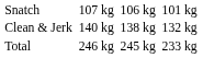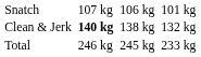 <table>
 <tr>
 <td>Snatch</td>
 <td></td>
 <td>107 kg</td>
 <td></td>
 <td>106 kg</td>
 <td></td>
 <td>101 kg</td>
 </tr>
 <tr>
 <td>Clean & Jerk</td>
 <td></td>
-<td>140 kg</td>
+<td><strong>140 kg</strong></td>
 <td></td>
 <td>138 kg</td>
 <td></td>
 <td>132 kg</td>
 </tr>
 <tr>
 <td>Total</td>
 <td></td>
 <td>246 kg</td>
 <td></td>
 <td>245 kg</td>
 <td></td>
 <td>233 kg</td>
 </tr>
 </table>
